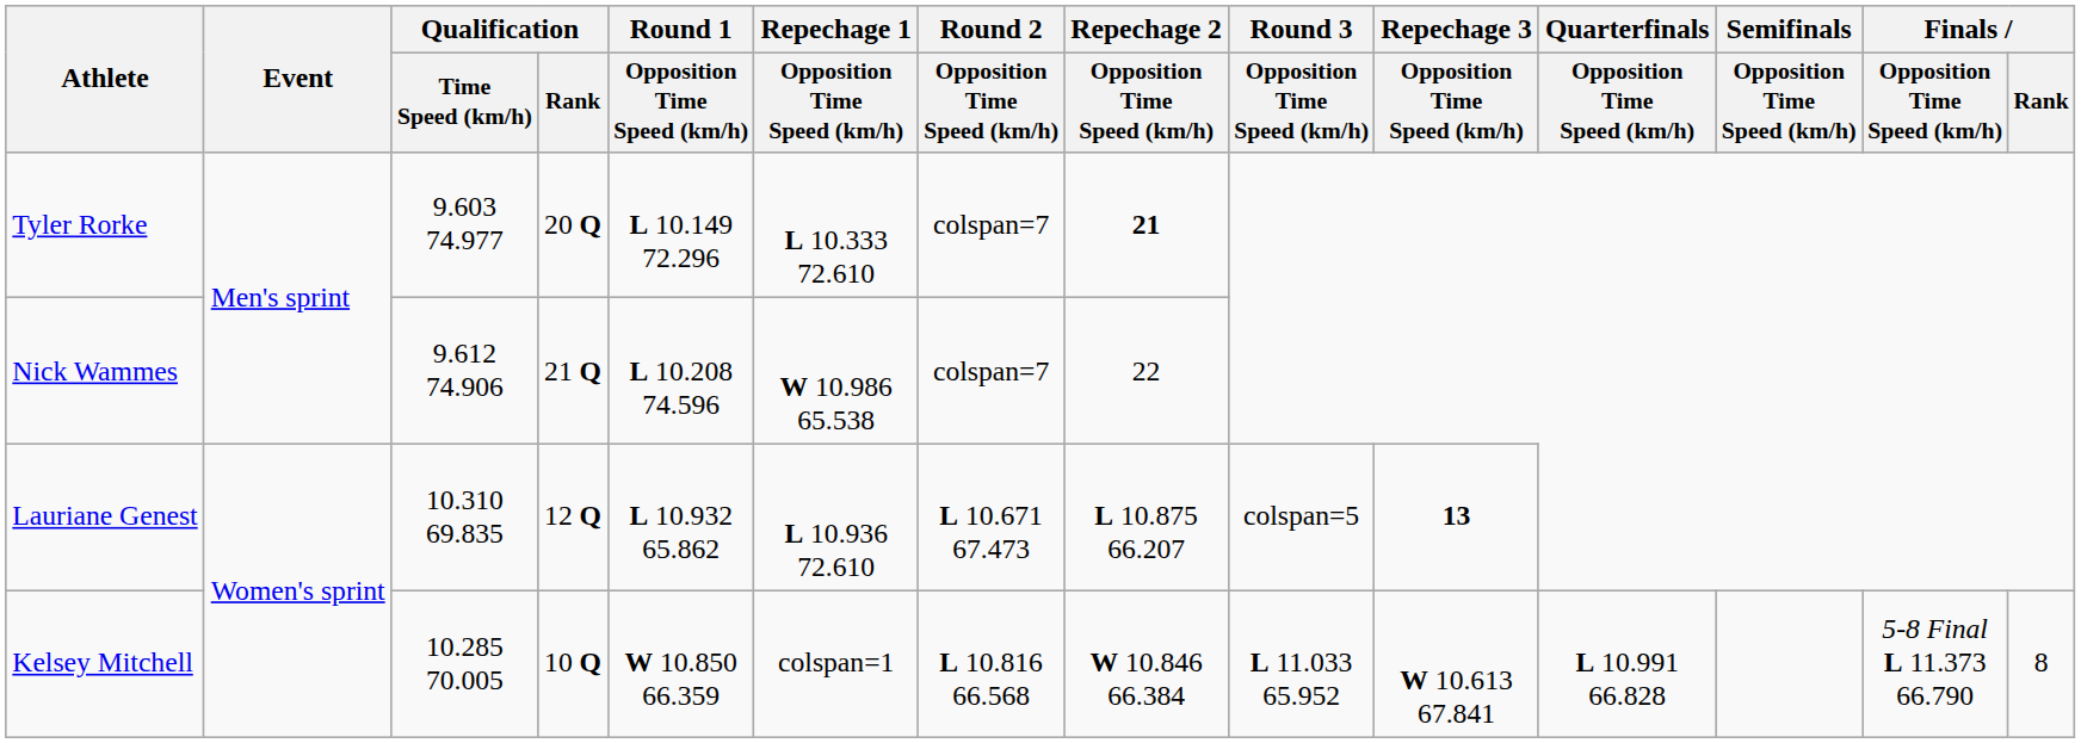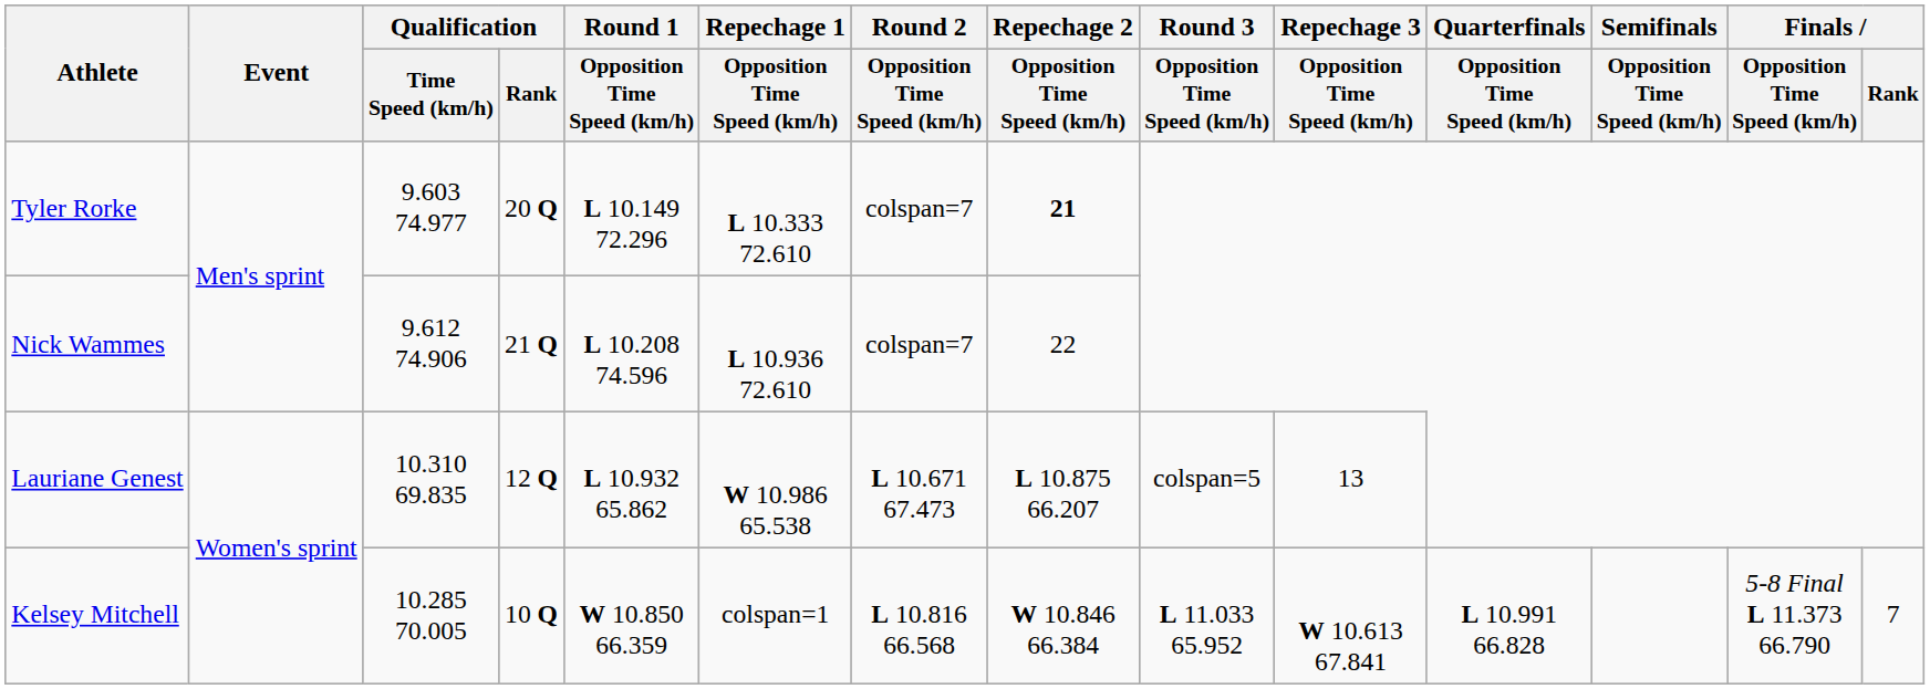 <table class=wikitable style=font-size:90%;text-align:center>
 <tr>
 <th rowspan=2>Athlete</th>
 <th rowspan=2>Event</th>
 <th colspan=2>Qualification</th>
 <th>Round 1</th>
 <th>Repechage 1</th>
 <th>Round 2</th>
 <th>Repechage 2</th>
 <th>Round 3</th>
 <th>Repechage 3</th>
 <th>Quarterfinals</th>
 <th>Semifinals</th>
 <th colspan=2>Finals / </th>
 </tr>
 <tr style=font-size:84%>
 <th>Time<br>Speed (km/h)</th>
 <th>Rank</th>
 <th>Opposition<br>Time<br>Speed (km/h)</th>
 <th>Opposition<br>Time<br>Speed (km/h)</th>
 <th>Opposition<br>Time<br>Speed (km/h)</th>
 <th>Opposition<br>Time<br>Speed (km/h)</th>
 <th>Opposition<br>Time<br>Speed (km/h)</th>
 <th>Opposition<br>Time<br>Speed (km/h)</th>
 <th>Opposition<br>Time<br>Speed (km/h)</th>
 <th>Opposition<br>Time<br>Speed (km/h)</th>
 <th>Opposition<br>Time<br>Speed (km/h)</th>
 <th>Rank</th>
 </tr>
 <tr>
 <td align=left><a href='#'>Tyler Rorke</a></td>
 <td align=left rowspan=2><a href='#'>Men's sprint</a></td>
 <td>9.603<br>74.977</td>
 <td>20 <strong>Q</strong></td>
 <td><br><strong>L</strong> 10.149<br>72.296</td>
 <td><br><br><strong>L</strong> 10.333<br>72.610</td>
 <td>colspan=7 </td>
 <td><strong>21</strong></td>
 </tr>
 <tr>
 <td align=left><a href='#'>Nick Wammes</a></td>
 <td>9.612<br>74.906</td>
 <td>21 <strong>Q</strong></td>
 <td><br><strong>L</strong> 10.208<br>74.596</td>
-<td><br><br><strong>W</strong> 10.986<br>65.538</td>
+<td><br><br><strong>L</strong> 10.936<br>72.610</td>
 <td>colspan=7 </td>
 <td>22</td>
 </tr>
 <tr>
 <td align=left><a href='#'>Lauriane Genest</a></td>
 <td align=left rowspan=2><a href='#'>Women's sprint</a></td>
 <td>10.310<br>69.835</td>
 <td>12 <strong>Q</strong></td>
 <td><br><strong>L</strong> 10.932<br>65.862</td>
-<td><br><br><strong>L</strong> 10.936<br>72.610</td>
+<td><br><br><strong>W</strong> 10.986<br>65.538</td>
 <td><br><strong>L</strong> 10.671<br>67.473</td>
 <td><br><strong>L</strong> 10.875<br>66.207</td>
 <td>colspan=5 </td>
-<td><strong>13</strong></td>
+<td>13</td>
 </tr>
 <tr>
 <td align=left><a href='#'>Kelsey Mitchell</a></td>
 <td>10.285<br>70.005</td>
 <td>10 <strong>Q</strong></td>
 <td><br><strong>W</strong> 10.850<br>66.359</td>
 <td>colspan=1 </td>
 <td><br><strong>L</strong> 10.816<br>66.568</td>
 <td><br><strong>W</strong> 10.846<br>66.384</td>
 <td><br><strong>L</strong> 11.033<br>65.952</td>
 <td><br><br><strong>W</strong> 10.613<br>67.841</td>
 <td><br><strong>L</strong> 10.991<br>66.828</td>
 <td></td>
 <td><em>5-8 Final</em><br><strong>L</strong> 11.373<br>66.790</td>
-<td>8</td>
+<td>7</td>
 </tr>
 </table>
